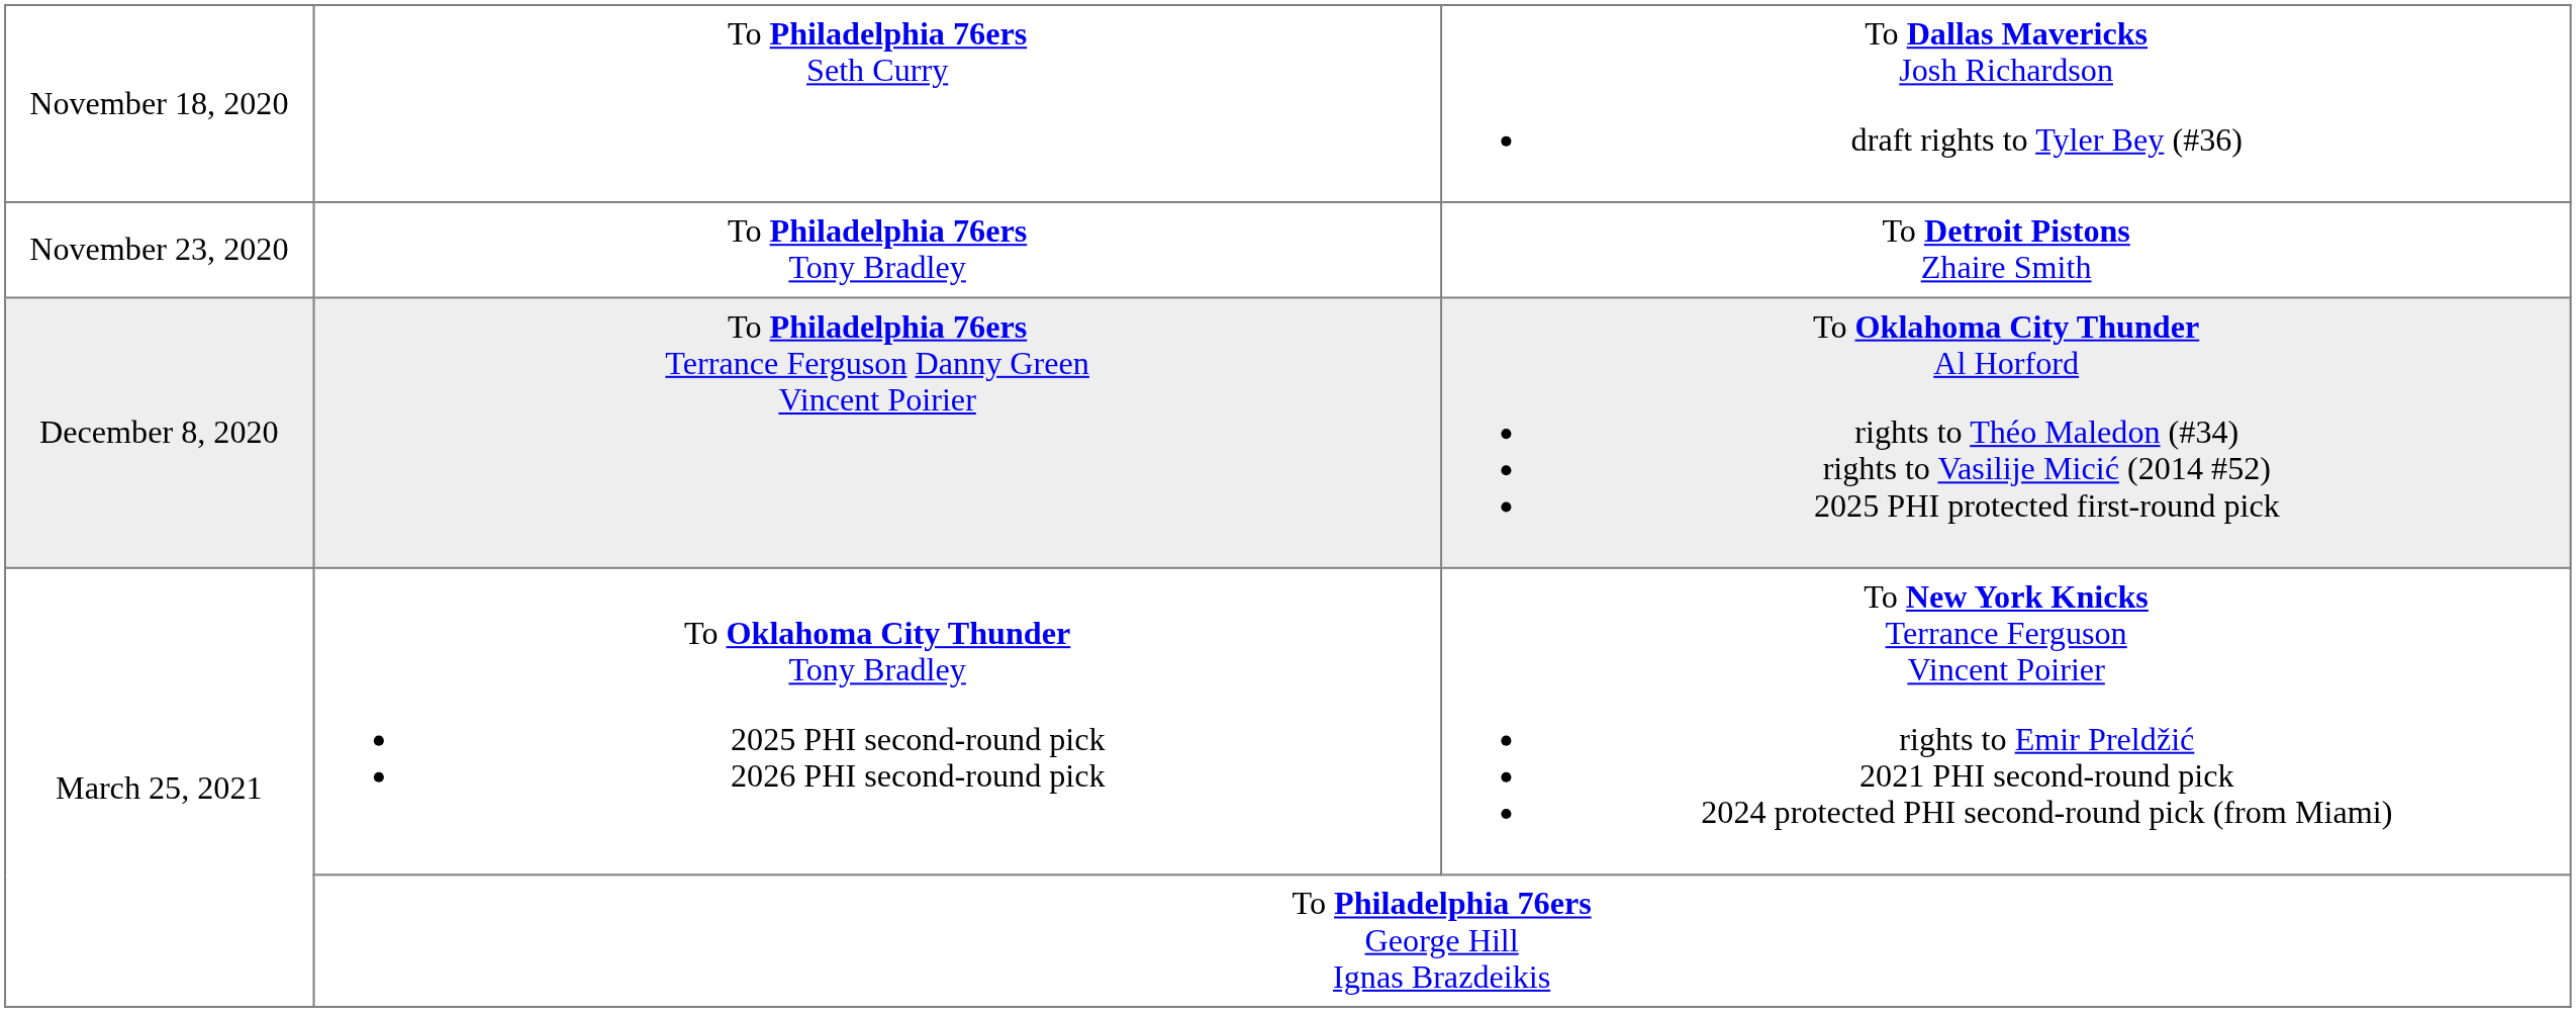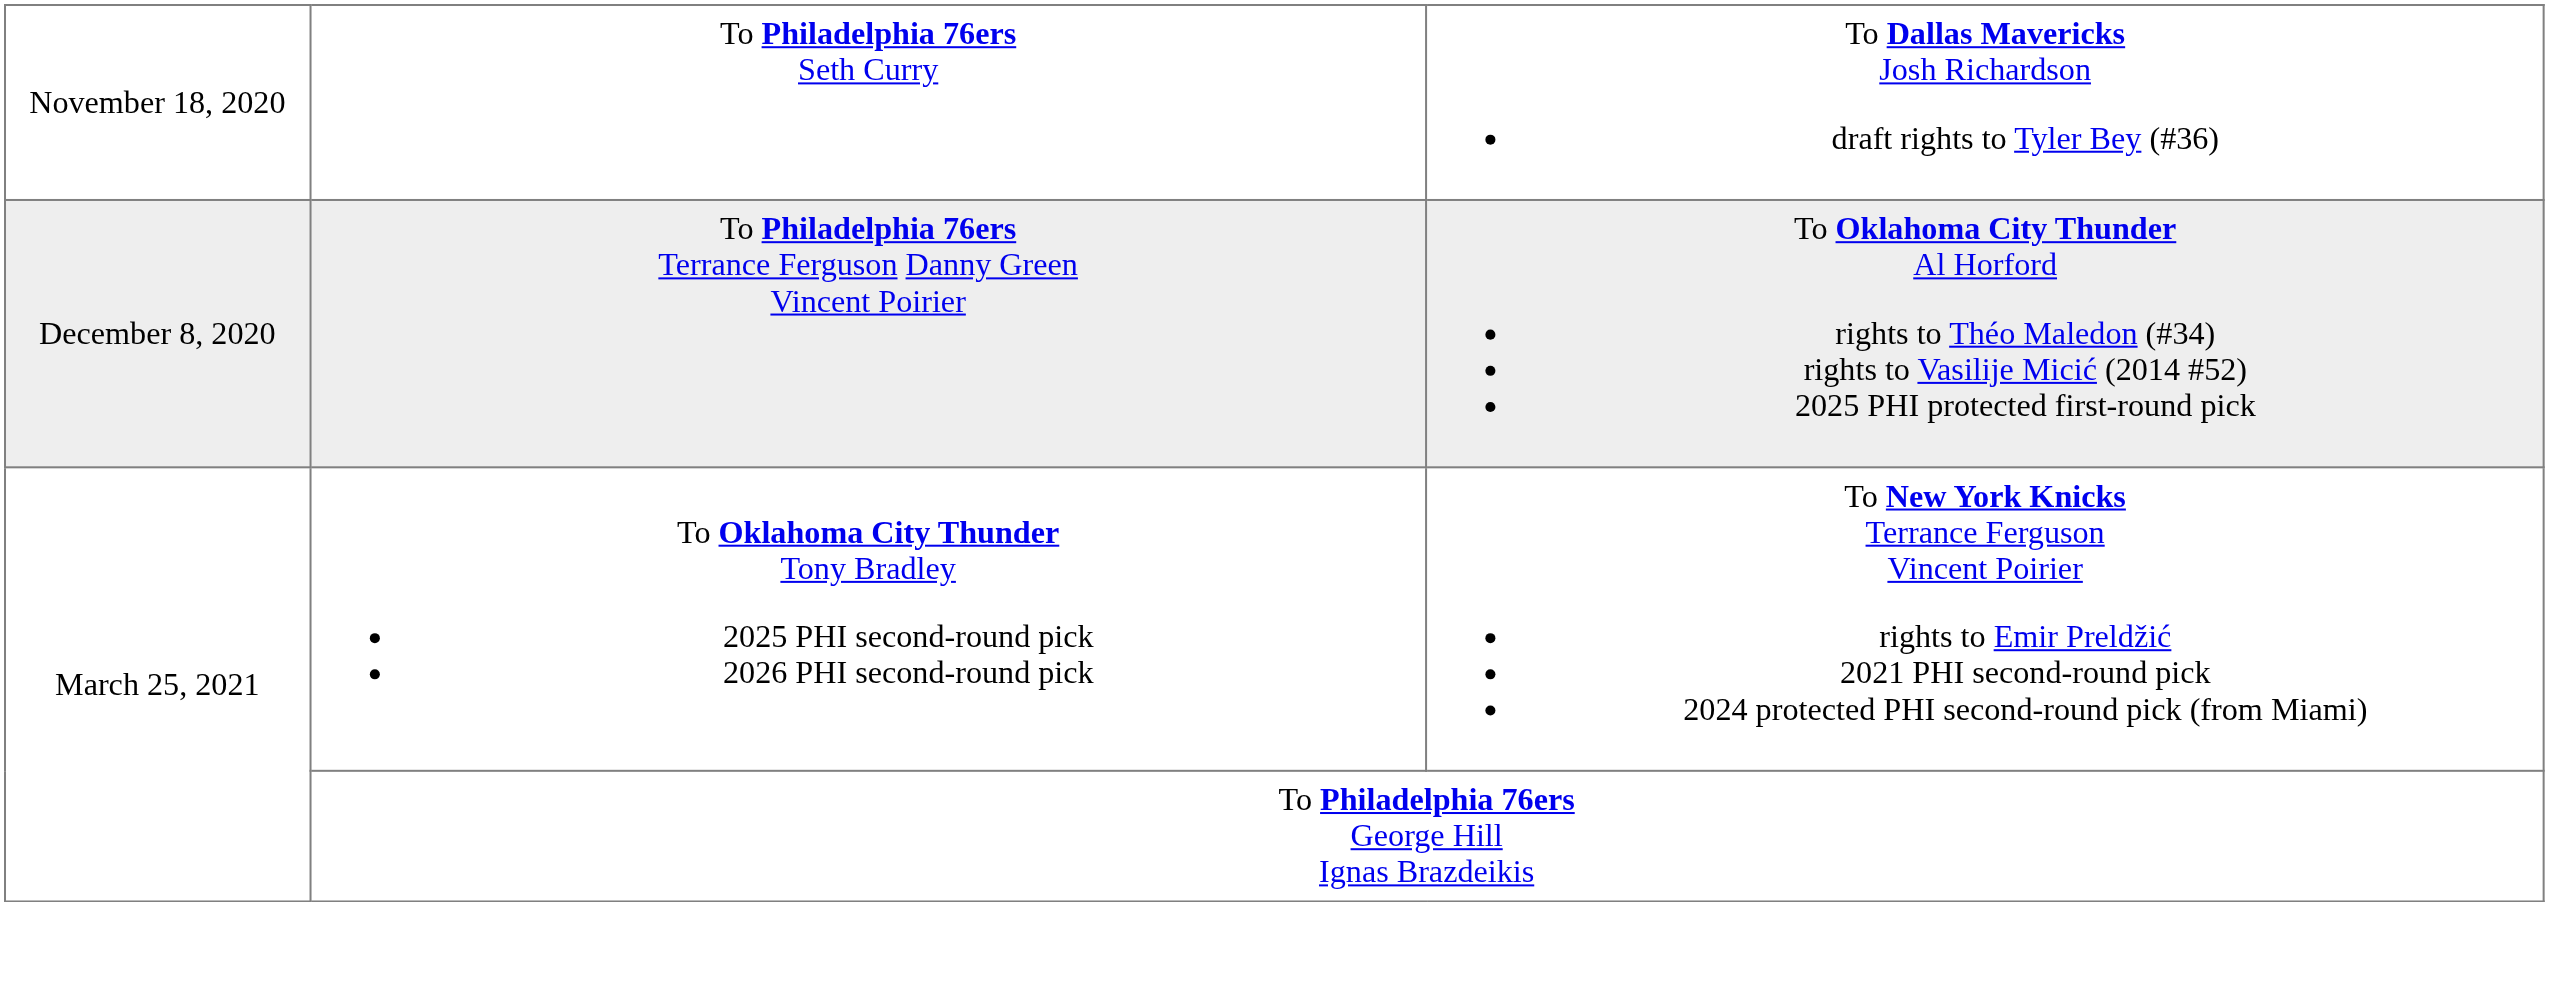 <table cellpadding="5" border="1" style="border-collapse:collapse; text-align: center; width: 100%">
 <tr>
 <td style=>November 18, 2020</td>
 <td valign="top" style="width:44%">To <strong><a href='#'>Philadelphia 76ers</a></strong><br><a href='#'>Seth Curry</a></td>
 <td valign="top" style="width:44%">To <strong><a href='#'>Dallas Mavericks</a></strong><br><a href='#'>Josh Richardson</a><ul><li>draft rights to <a href='#'>Tyler Bey</a> (#36)</li></ul></td>
-</tr>
-<tr>
-<td style=>November 23, 2020</td>
-<td valign="top" style="width:44%">To <strong><a href='#'>Philadelphia 76ers</a></strong><br><a href='#'>Tony Bradley</a></td>
-<td valign="top" style="width:44%">To <strong><a href='#'>Detroit Pistons</a></strong><br><a href='#'>Zhaire Smith</a></td>
 </tr>
 <tr bgcolor="eeeeee">
 <td style=>December 8, 2020</td>
 <td valign="top" style="width:44%">To <strong><a href='#'>Philadelphia 76ers</a></strong><br><a href='#'>Terrance Ferguson</a> <a href='#'>Danny Green</a><br><a href='#'>Vincent Poirier</a></td>
 <td valign="top" style="width:44%">To <strong><a href='#'>Oklahoma City Thunder</a></strong><br><a href='#'>Al Horford</a><ul><li>rights to <a href='#'>Théo Maledon</a> (#34)</li><li>rights to <a href='#'>Vasilije Micić</a> (2014 #52)</li><li>2025 PHI protected first-round pick</li></ul></td>
 </tr>
 <tr>
 <td rowspan="2" style=>March 25, 2021</td>
 <td>To <strong><a href='#'>Oklahoma City Thunder</a></strong><br><a href='#'>Tony Bradley</a><ul><li>2025 PHI second-round pick</li><li>2026 PHI second-round pick</li></ul></td>
 <td>To <strong><a href='#'>New York Knicks</a></strong><br><a href='#'>Terrance Ferguson</a><br><a href='#'>Vincent Poirier</a><ul><li>rights to <a href='#'>Emir Preldžić</a></li><li>2021 PHI second-round pick</li><li>2024 protected PHI second-round pick (from Miami)</li></ul></td>
 </tr>
 <tr>
 <td colspan="2">To <strong><a href='#'>Philadelphia 76ers</a></strong><br><a href='#'>George Hill</a><br><a href='#'>Ignas Brazdeikis</a></td>
 </tr>
 </table>
